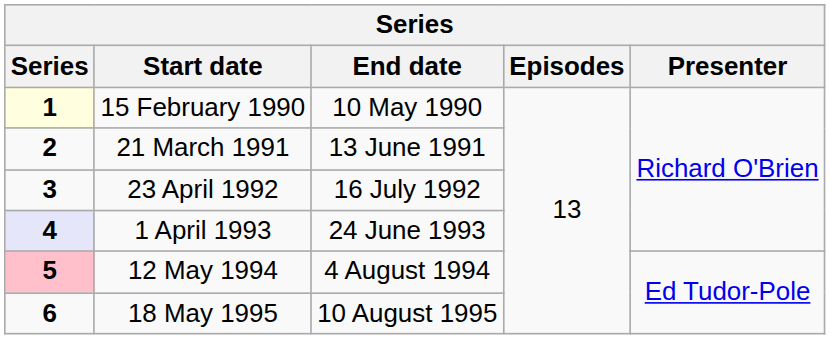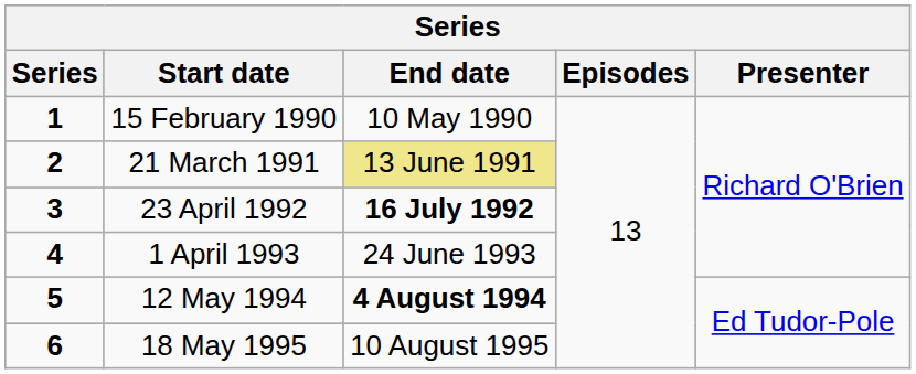 <table class="wikitable" style="text-align:center;">
 <tr>
 <th colspan="5">Series</th>
 </tr>
 <tr>
 <th>Series</th>
 <th>Start date</th>
 <th>End date</th>
 <th>Episodes</th>
 <th>Presenter</th>
 </tr>
 <tr>
-<td style="background: lightyellow;"><strong>1</strong></td>
+<td><strong>1</strong></td>
 <td>15 February 1990</td>
 <td>10 May 1990</td>
 <td rowspan=6>13</td>
 <td rowspan="4"><a href='#'>Richard O'Brien</a></td>
 </tr>
 <tr>
 <td><strong>2</strong></td>
 <td>21 March 1991</td>
-<td>13 June 1991</td>
+<td style="background: khaki;">13 June 1991</td>
 </tr>
 <tr>
 <td><strong>3</strong></td>
 <td>23 April 1992</td>
-<td>16 July 1992</td>
+<td><strong>16 July 1992</strong></td>
 </tr>
 <tr>
-<td style="background: lavender;"><strong>4</strong></td>
+<td><strong>4</strong></td>
 <td>1 April 1993</td>
 <td>24 June 1993</td>
 </tr>
 <tr>
-<td style="background: pink;"><strong>5</strong></td>
+<td><strong>5</strong></td>
 <td>12 May 1994</td>
-<td>4 August 1994</td>
+<td><strong>4 August 1994</strong></td>
 <td rowspan="2"><a href='#'>Ed Tudor-Pole</a></td>
 </tr>
 <tr>
 <td><strong>6</strong></td>
 <td>18 May 1995</td>
 <td>10 August 1995</td>
 </tr>
 </table>
